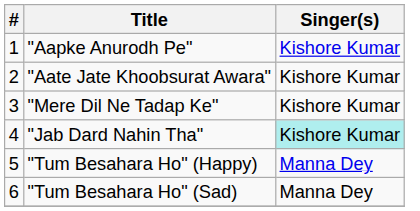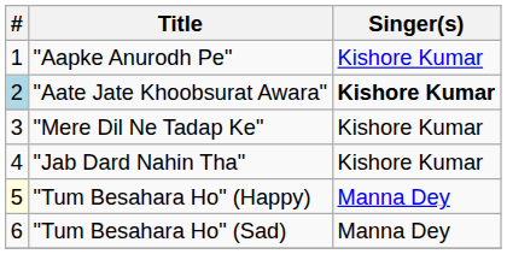 <table class="wikitable" style="font-size:95%;">
 <tr>
 <th>#</th>
 <th>Title</th>
 <th>Singer(s)</th>
 </tr>
 <tr>
 <td>1</td>
 <td>"Aapke Anurodh Pe"</td>
 <td><a href='#'>Kishore Kumar</a></td>
 </tr>
 <tr>
-<td>2</td>
+<td style="background: lightblue;">2</td>
 <td>"Aate Jate Khoobsurat Awara"</td>
-<td>Kishore Kumar</td>
+<td><strong>Kishore Kumar</strong></td>
 </tr>
 <tr>
 <td>3</td>
 <td>"Mere Dil Ne Tadap Ke"</td>
 <td>Kishore Kumar</td>
 </tr>
 <tr>
 <td>4</td>
 <td>"Jab Dard Nahin Tha"</td>
-<td style="background: paleturquoise;">Kishore Kumar</td>
+<td>Kishore Kumar</td>
 </tr>
 <tr>
-<td>5</td>
+<td style="background: lightyellow;">5</td>
 <td>"Tum Besahara Ho" (Happy)</td>
 <td><a href='#'>Manna Dey</a></td>
 </tr>
 <tr>
 <td>6</td>
 <td>"Tum Besahara Ho" (Sad)</td>
 <td>Manna Dey</td>
 </tr>
 <tr>
 </tr>
 </table>
